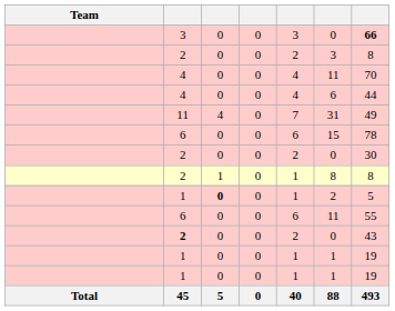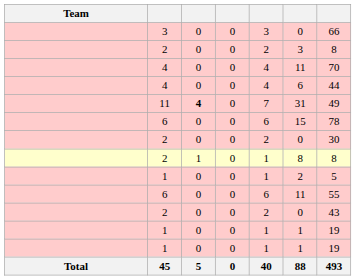 <table class="wikitable" style="font-size:95%; text-align:center">
 <tr>
 <th width=192>Team</th>
 <th width=40></th>
 <th width=40></th>
 <th width=40></th>
 <th width=40></th>
 <th width=40></th>
 <th width=40></th>
 </tr>
 <tr style="background:#ffcccc;">
 <td align=left></td>
 <td>3</td>
 <td>0</td>
 <td>0</td>
 <td>3</td>
 <td>0</td>
-<td><strong>66</strong></td>
+<td>66</td>
 </tr>
 <tr style="background:#ffcccc;">
 <td align=left></td>
 <td>2</td>
 <td>0</td>
 <td>0</td>
 <td>2</td>
 <td>3</td>
 <td>8</td>
 </tr>
 <tr style="background:#ffcccc;">
 <td align=left></td>
 <td>4</td>
 <td>0</td>
 <td>0</td>
 <td>4</td>
 <td>11</td>
 <td>70</td>
 </tr>
 <tr style="background:#ffcccc;">
 <td align=left></td>
 <td>4</td>
 <td>0</td>
 <td>0</td>
 <td>4</td>
 <td>6</td>
 <td>44</td>
 </tr>
 <tr style="background:#ffcccc;">
 <td align=left></td>
 <td>11</td>
-<td>4</td>
+<td><strong>4</strong></td>
 <td>0</td>
 <td>7</td>
 <td>31</td>
 <td>49</td>
 </tr>
 <tr style="background:#ffcccc;">
 <td align=left></td>
 <td>6</td>
 <td>0</td>
 <td>0</td>
 <td>6</td>
 <td>15</td>
 <td>78</td>
 </tr>
 <tr style="background:#ffcccc;">
 <td align=left></td>
 <td>2</td>
 <td>0</td>
 <td>0</td>
 <td>2</td>
 <td>0</td>
 <td>30</td>
 </tr>
 <tr style="background:#ffffcc;">
 <td align=left></td>
 <td>2</td>
 <td>1</td>
 <td>0</td>
 <td>1</td>
 <td>8</td>
 <td>8</td>
 </tr>
 <tr style="background:#ffcccc;">
 <td align=left></td>
 <td>1</td>
-<td><strong>0</strong></td>
+<td>0</td>
 <td>0</td>
 <td>1</td>
 <td>2</td>
 <td>5</td>
 </tr>
 <tr style="background:#ffcccc;">
 <td align=left></td>
 <td>6</td>
 <td>0</td>
 <td>0</td>
 <td>6</td>
 <td>11</td>
 <td>55</td>
 </tr>
 <tr style="background:#ffcccc;">
 <td align=left></td>
-<td><strong>2</strong></td>
+<td>2</td>
 <td>0</td>
 <td>0</td>
 <td>2</td>
 <td>0</td>
 <td>43</td>
 </tr>
 <tr style="background:#ffcccc;">
 <td align=left></td>
 <td>1</td>
 <td>0</td>
 <td>0</td>
 <td>1</td>
 <td>1</td>
 <td>19</td>
 </tr>
 <tr style="background:#ffcccc;">
 <td align=left></td>
 <td>1</td>
 <td>0</td>
 <td>0</td>
 <td>1</td>
 <td>1</td>
 <td>19</td>
 </tr>
 <tr>
 <th>Total</th>
 <th>45</th>
 <th>5</th>
 <th>0</th>
 <th>40</th>
 <th>88</th>
 <th>493</th>
 </tr>
 </table>
